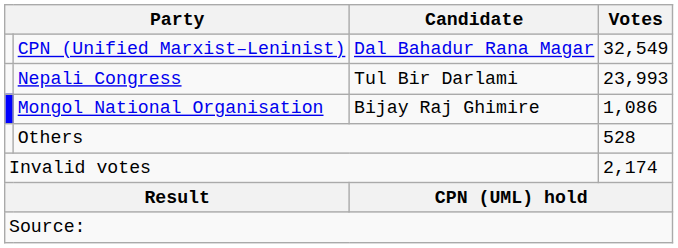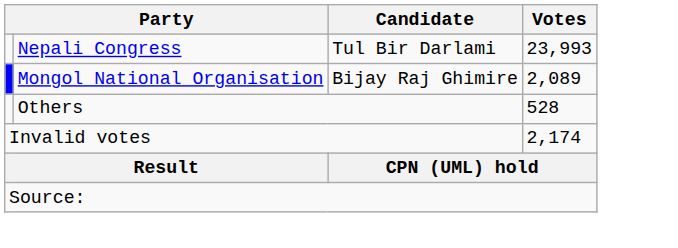 <table class="wikitable">
 <tr>
 <th colspan="2">Party</th>
 <th>Candidate</th>
 <th>Votes</th>
-</tr>
-<tr>
-<td style="background-color:"></td>
-<td><a href='#'>CPN (Unified Marxist–Leninist)</a></td>
-<td><a href='#'>Dal Bahadur Rana Magar</a></td>
-<td>32,549</td>
 </tr>
 <tr>
 <td style="background-color:"></td>
 <td><a href='#'>Nepali Congress</a></td>
 <td>Tul Bir Darlami</td>
 <td>23,993</td>
 </tr>
 <tr>
 <td style="background-color:blue"></td>
 <td><a href='#'>Mongol National Organisation</a></td>
 <td>Bijay Raj Ghimire</td>
-<td>1,086</td>
+<td>2,089</td>
 </tr>
 <tr>
 <td></td>
 <td colspan="2">Others</td>
 <td>528</td>
 </tr>
 <tr>
 <td colspan="3">Invalid votes</td>
 <td>2,174</td>
 </tr>
 <tr>
 <th colspan="2">Result</th>
 <th colspan="2">CPN (UML) hold</th>
 </tr>
 <tr>
 <td colspan="4">Source: </td>
 </tr>
 </table>
